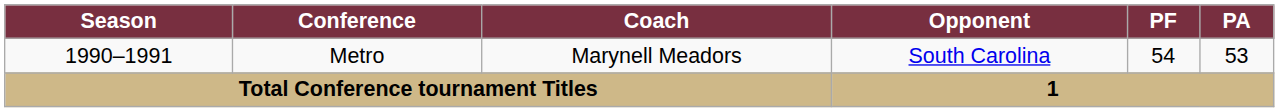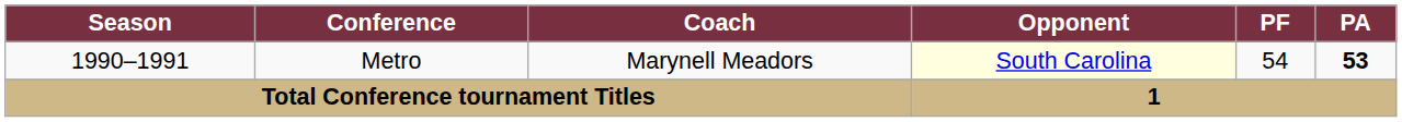 <table cellpadding="1" style="width:75%;" class="wikitable">
 <tr>
 <th style="background:#782F40; color:white;">Season</th>
 <th style="background:#782F40; color:white;">Conference</th>
 <th style="background:#782F40; color:white;">Coach</th>
 <th style="background:#782F40; color:white;">Opponent</th>
 <th style="background:#782F40; color:white;">PF</th>
 <th style="background:#782F40; color:white;">PA</th>
 </tr>
 <tr style="text-align:center;">
 <td>1990–1991</td>
 <td>Metro</td>
 <td>Marynell Meadors</td>
-<td><a href='#'>South Carolina</a></td>
+<td style="background: lightyellow;"><a href='#'>South Carolina</a></td>
 <td>54</td>
-<td>53</td>
+<td><strong>53</strong></td>
 </tr>
 <tr style="text-align:center;" class="sortbottom">
 <th colspan=3; style="background:#CEB888; color:black;">Total Conference tournament Titles</th>
 <th colspan=3; style="background:#CEB888; color:black;"><strong>1</strong></th>
 </tr>
 </table>
